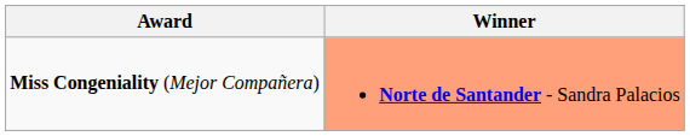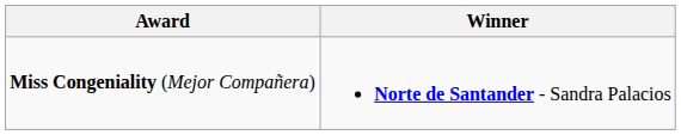 <table class="wikitable" style="font-size: 95%;">
 <tr>
 <th>Award</th>
 <th>Winner</th>
 </tr>
 <tr>
 <td><strong>Miss Congeniality</strong> (<em>Mejor Compañera</em>)</td>
-<td style="background: lightsalmon;"><br><ul><li><strong> <a href='#'>Norte de Santander</a></strong> - Sandra Palacios</li></ul></td>
+<td><br><ul><li><strong> <a href='#'>Norte de Santander</a></strong> - Sandra Palacios</li></ul></td>
 </tr>
 <tr>
 </tr>
 </table>
